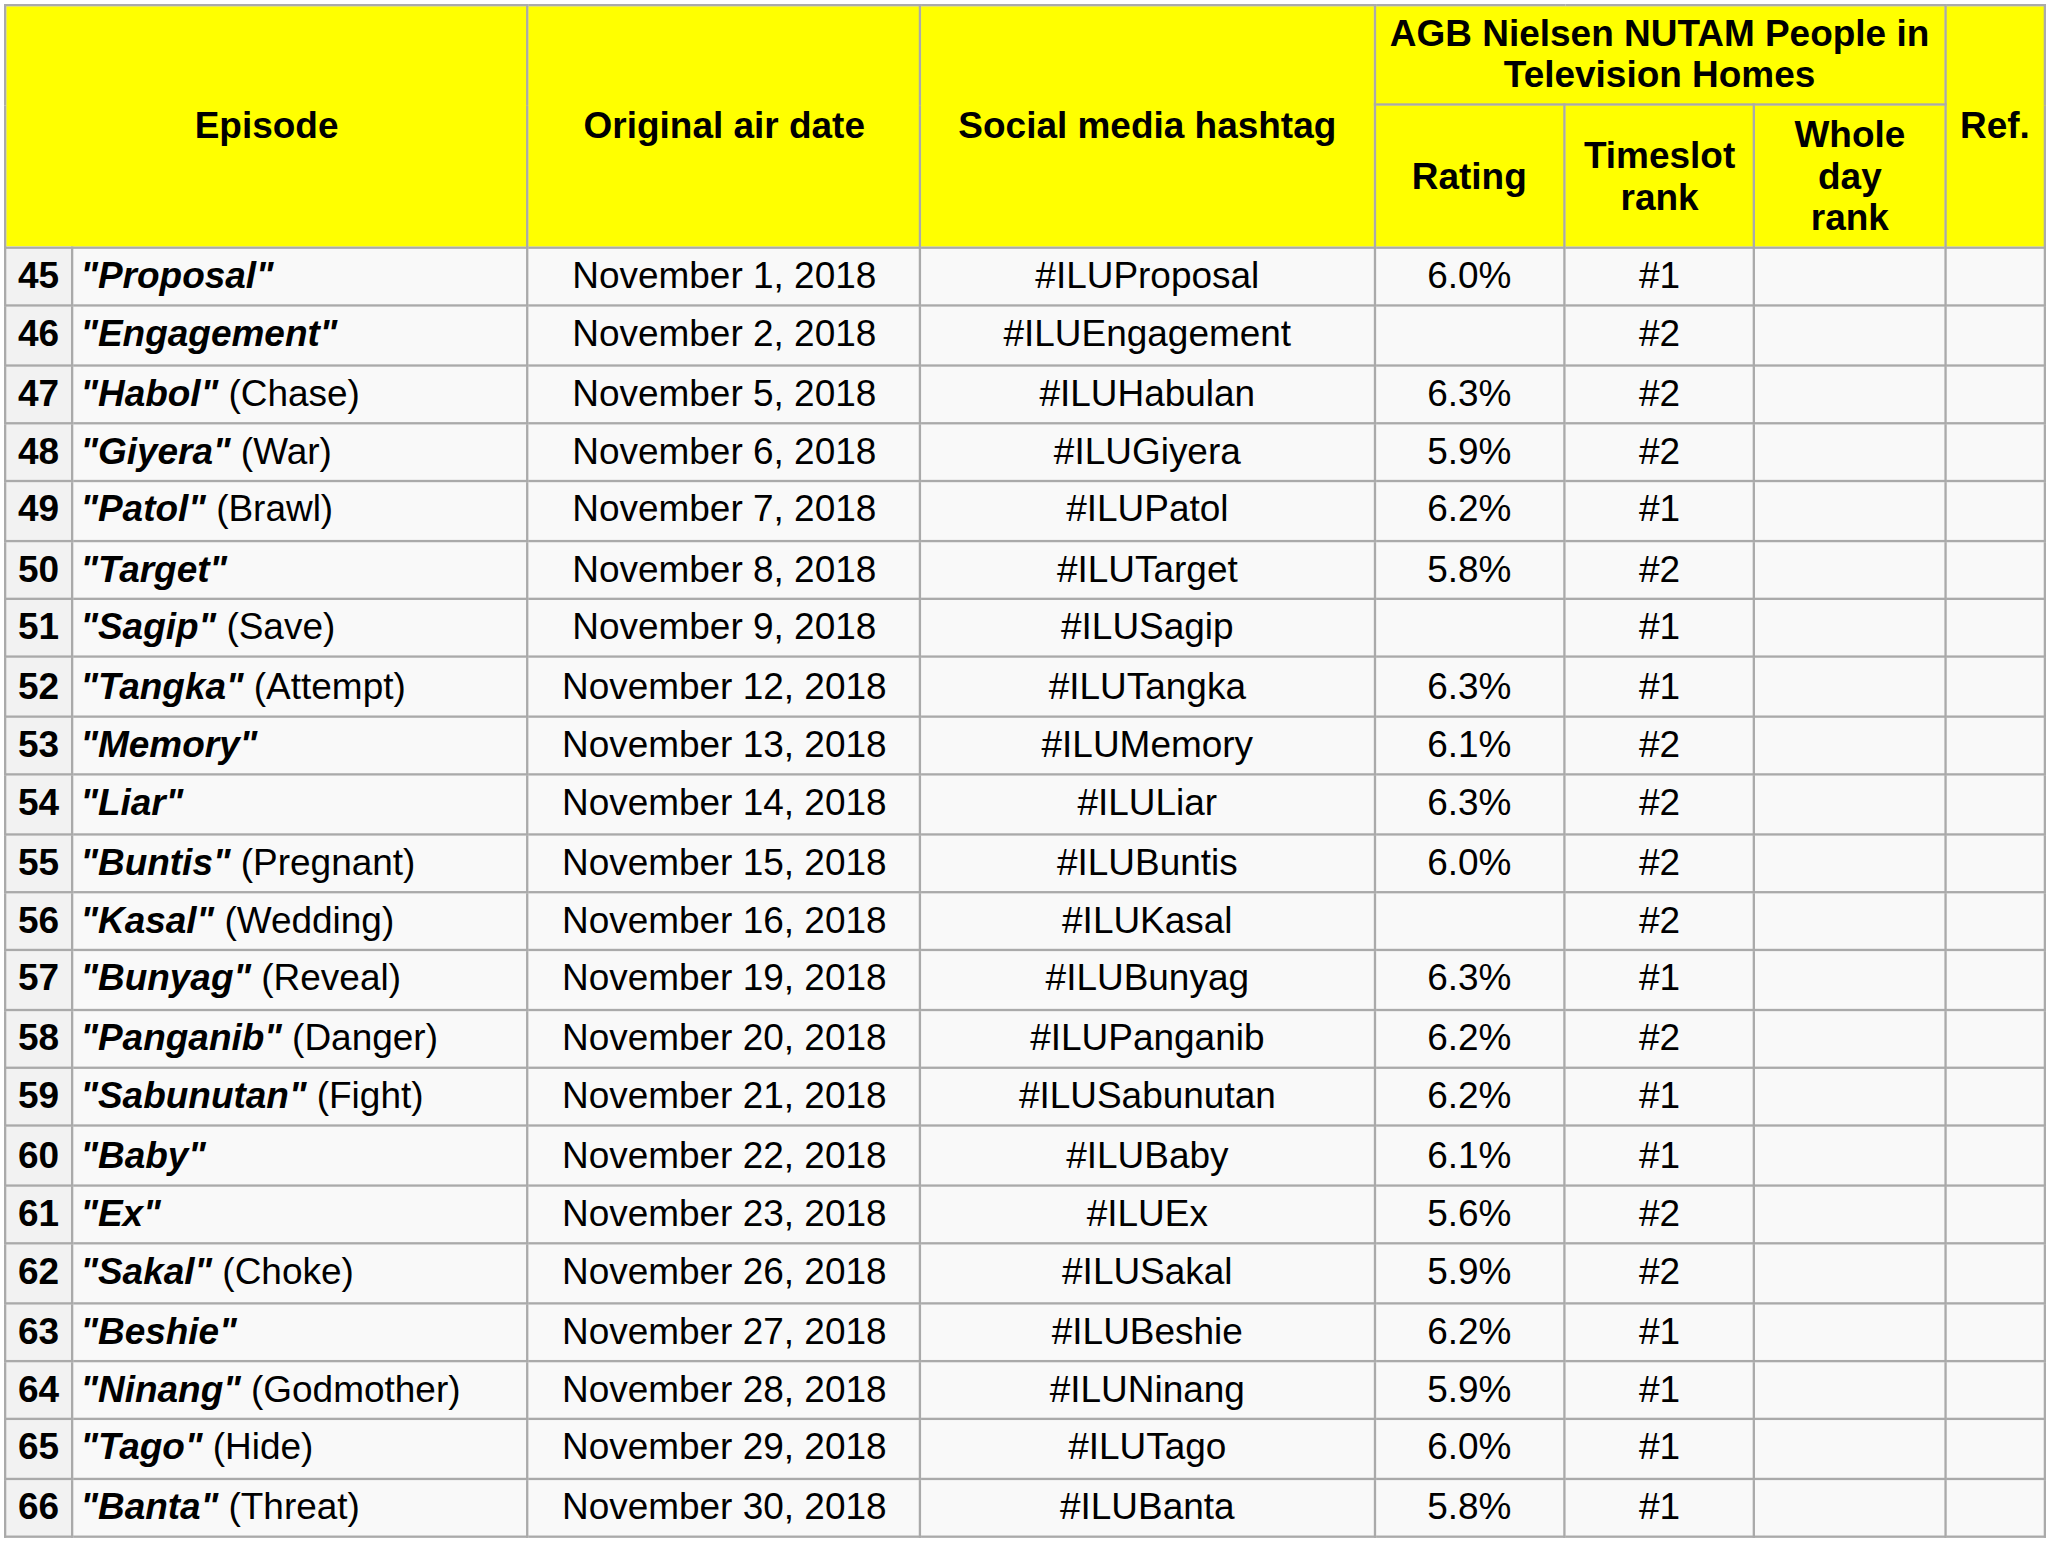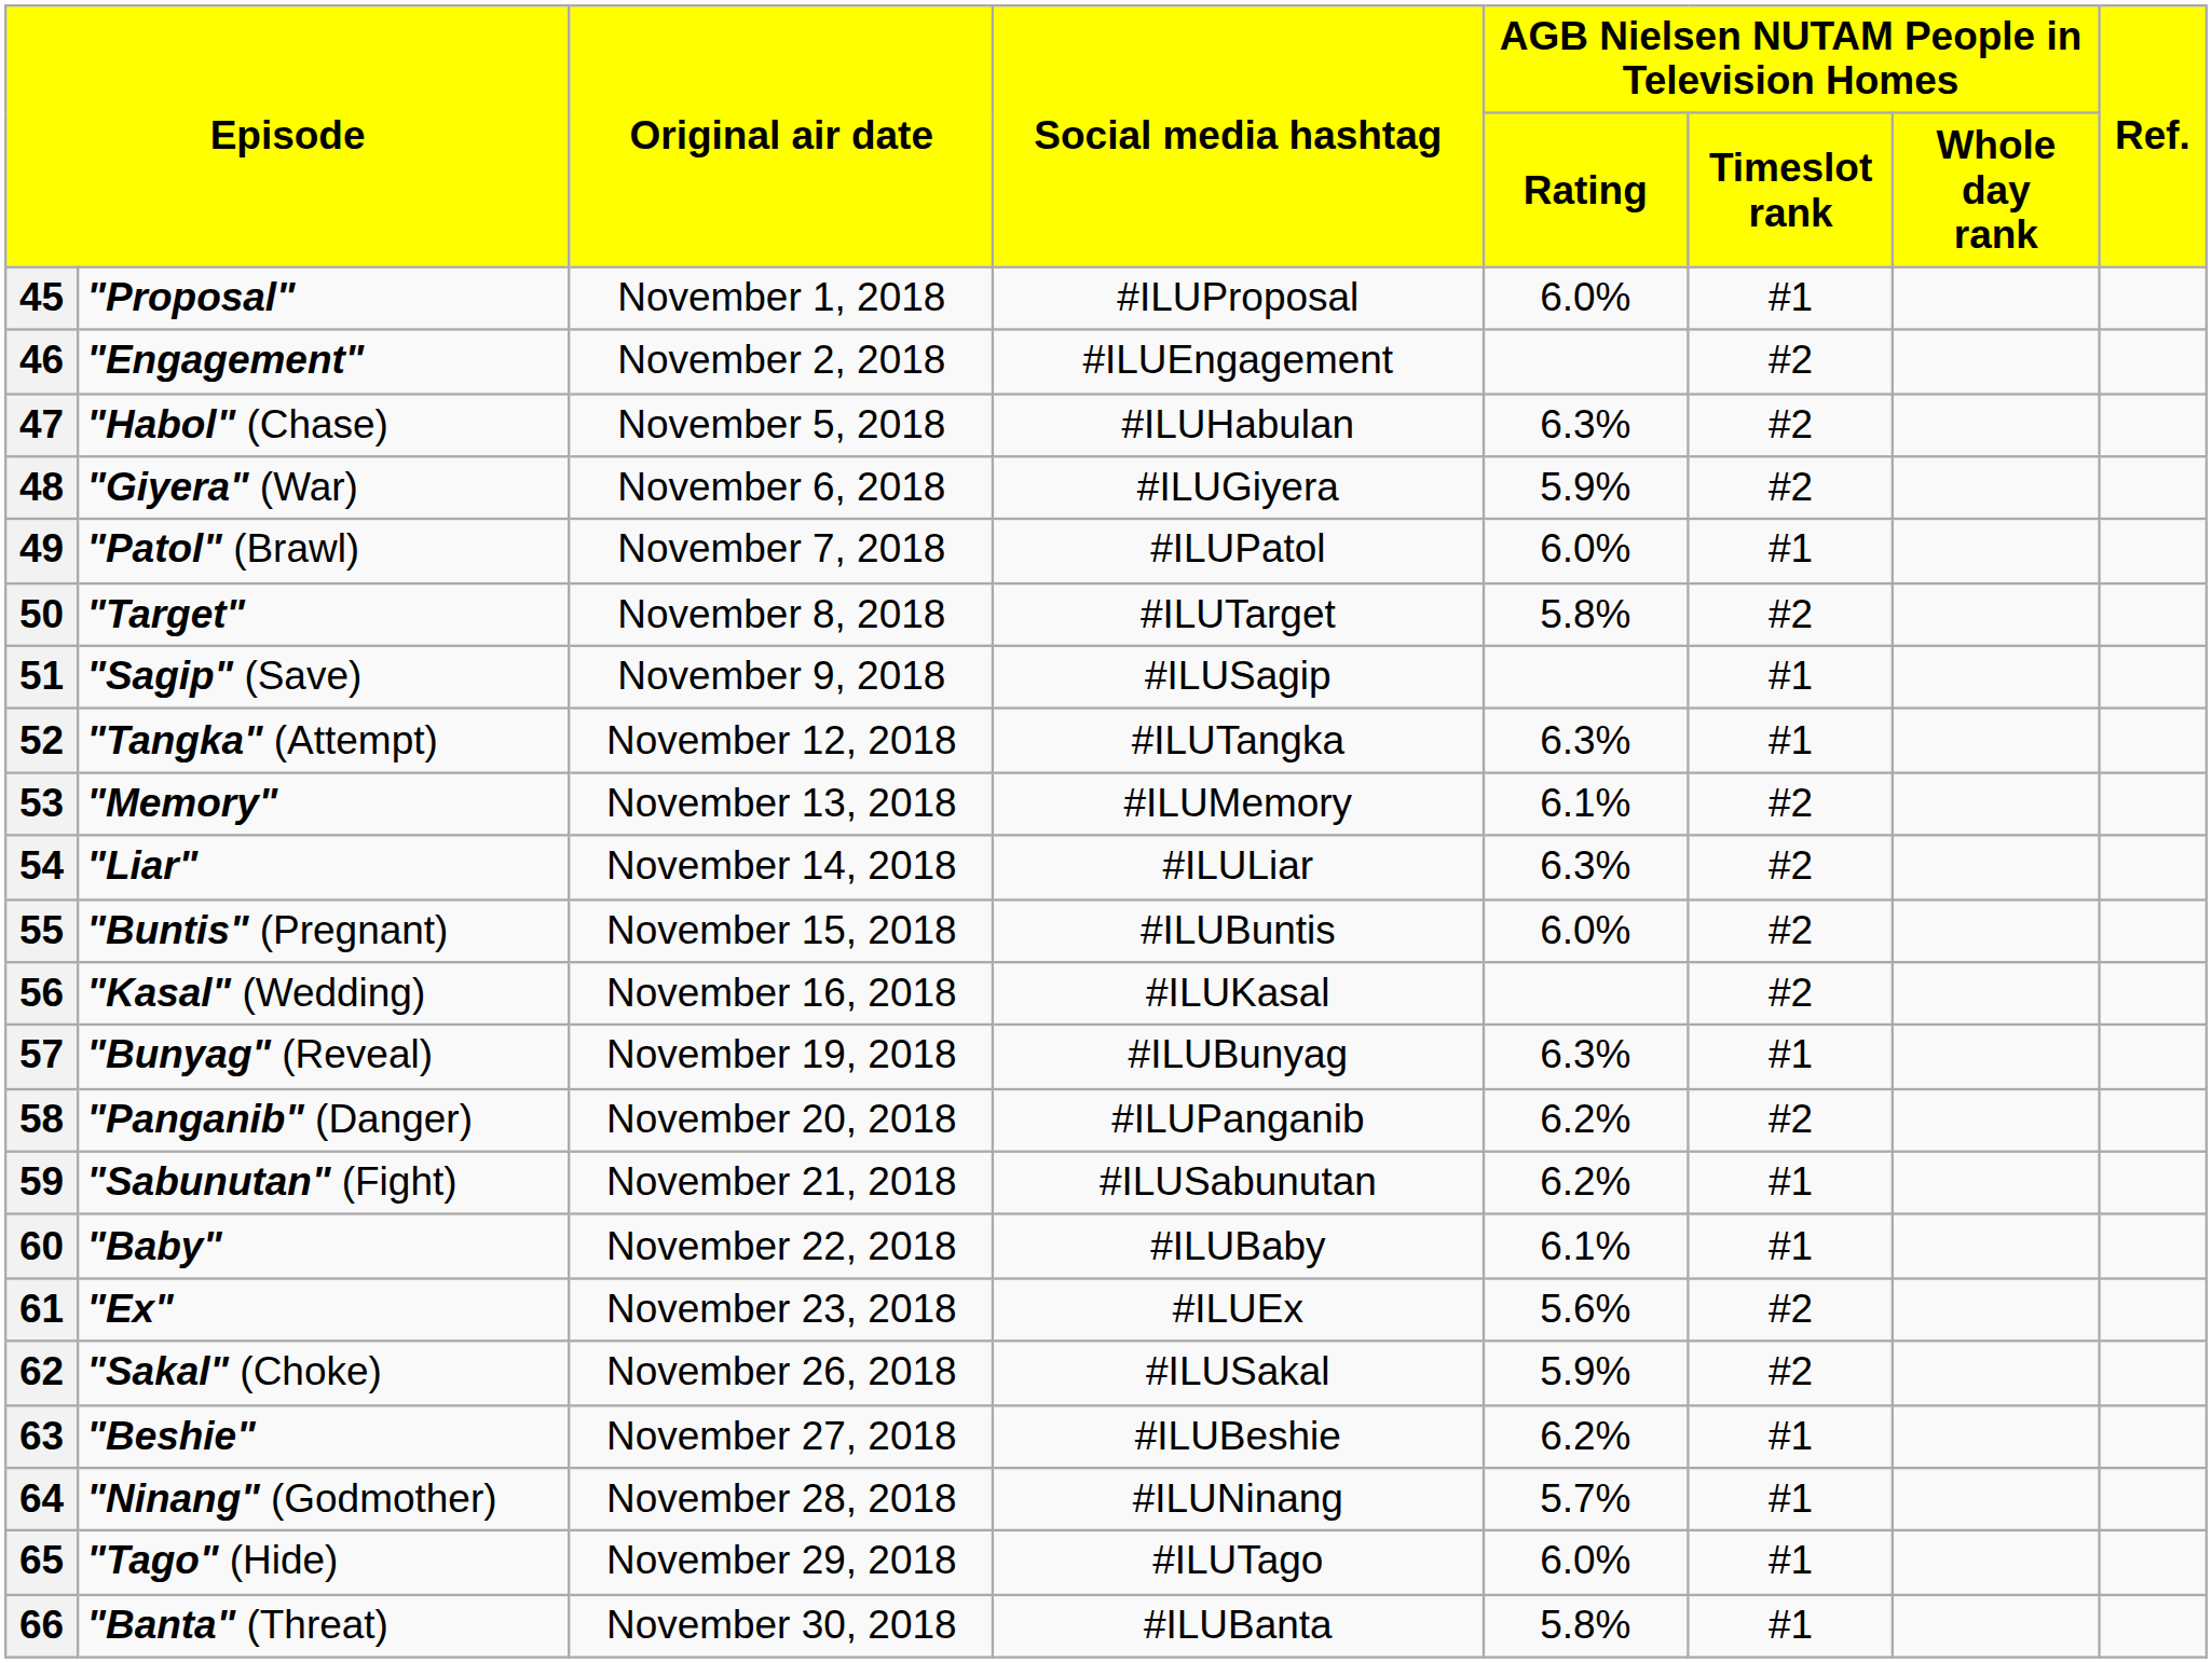 <table class="wikitable" style="text-align:center; font-size:100%; line-height:18px;" width="100%">
 <tr>
 <th style="background-color:#FFFF00; color:black;" colspan="2" rowspan="2">Episode</th>
 <th style="background-color:#FFFF00; color:black" rowspan="2">Original air date</th>
 <th style="background-color:#FFFF00; color:black" rowspan="2">Social media hashtag</th>
 <th style="background-color:#FFFF00; color:black;" colspan="3">AGB Nielsen NUTAM People in Television Homes</th>
 <th style="background-color:#FFFF00;  color:black;" rowspan="2">Ref.</th>
 </tr>
 <tr>
 <th style="background-color:#FFFF00; width:75px; color:black;">Rating</th>
 <th style="background-color:#FFFF00;  width:75px; color:black;">Timeslot<br>rank</th>
 <th style="background-color:#FFFF00; width:75px; color:black;">Whole day<br>rank</th>
 </tr>
 <tr>
 <th>45</th>
 <td style="text-align: left;"><strong><em>"Proposal"</em></strong></td>
 <td>November 1, 2018</td>
 <td>#ILUProposal</td>
 <td>6.0%</td>
 <td>#1</td>
 <td></td>
 <td></td>
 </tr>
 <tr>
 <th>46</th>
 <td style="text-align: left;"><strong><em>"Engagement"</em></strong></td>
 <td>November 2, 2018</td>
 <td>#ILUEngagement</td>
 <td></td>
 <td>#2</td>
 <td></td>
 <td></td>
 </tr>
 <tr>
 <th>47</th>
 <td style="text-align: left;"><strong><em>"Habol"</em></strong> (Chase)</td>
 <td>November 5, 2018</td>
 <td>#ILUHabulan</td>
 <td>6.3%</td>
 <td>#2</td>
 <td></td>
 <td></td>
 </tr>
 <tr>
 <th>48</th>
 <td style="text-align: left;"><strong><em>"Giyera"</em></strong> (War)</td>
 <td>November 6, 2018</td>
 <td>#ILUGiyera</td>
 <td>5.9%</td>
 <td>#2</td>
 <td></td>
 <td></td>
 </tr>
 <tr>
 <th>49</th>
 <td style="text-align: left;"><strong><em>"Patol"</em></strong> (Brawl)</td>
 <td>November 7, 2018</td>
 <td>#ILUPatol</td>
-<td>6.2%</td>
+<td>6.0%</td>
 <td>#1</td>
 <td></td>
 <td></td>
 </tr>
 <tr>
 <th>50</th>
 <td style="text-align: left;"><strong><em>"Target"</em></strong></td>
 <td>November 8, 2018</td>
 <td>#ILUTarget</td>
 <td>5.8%</td>
 <td>#2</td>
 <td></td>
 <td></td>
 </tr>
 <tr>
 <th>51</th>
 <td style="text-align: left;"><strong><em>"Sagip"</em></strong> (Save)</td>
 <td>November 9, 2018</td>
 <td>#ILUSagip</td>
 <td></td>
 <td>#1</td>
 <td></td>
 <td></td>
 </tr>
 <tr>
 <th>52</th>
 <td style="text-align: left;"><strong><em>"Tangka"</em></strong> (Attempt)</td>
 <td>November 12, 2018</td>
 <td>#ILUTangka</td>
 <td>6.3%</td>
 <td>#1</td>
 <td></td>
 <td></td>
 </tr>
 <tr>
 <th>53</th>
 <td style="text-align: left;"><strong><em>"Memory"</em></strong></td>
 <td>November 13, 2018</td>
 <td>#ILUMemory</td>
 <td>6.1%</td>
 <td>#2</td>
 <td></td>
 <td></td>
 </tr>
 <tr>
 <th>54</th>
 <td style="text-align: left;"><strong><em>"Liar"</em></strong></td>
 <td>November 14, 2018</td>
 <td>#ILULiar</td>
 <td>6.3%</td>
 <td>#2</td>
 <td></td>
 <td></td>
 </tr>
 <tr>
 <th>55</th>
 <td style="text-align: left;"><strong><em>"Buntis"</em></strong> (Pregnant)</td>
 <td>November 15, 2018</td>
 <td>#ILUBuntis</td>
 <td>6.0%</td>
 <td>#2</td>
 <td></td>
 <td></td>
 </tr>
 <tr>
 <th>56</th>
 <td style="text-align: left;"><strong><em>"Kasal"</em></strong> (Wedding)</td>
 <td>November 16, 2018</td>
 <td>#ILUKasal</td>
 <td></td>
 <td>#2</td>
 <td></td>
 <td></td>
 </tr>
 <tr>
 <th>57</th>
 <td style="text-align: left;"><strong><em>"Bunyag"</em></strong> (Reveal)</td>
 <td>November 19, 2018</td>
 <td>#ILUBunyag</td>
 <td>6.3%</td>
 <td>#1</td>
 <td></td>
 <td></td>
 </tr>
 <tr>
 <th>58</th>
 <td style="text-align: left;"><strong><em>"Panganib"</em></strong> (Danger)</td>
 <td>November 20, 2018</td>
 <td>#ILUPanganib</td>
 <td>6.2%</td>
 <td>#2</td>
 <td></td>
 <td></td>
 </tr>
 <tr>
 <th>59</th>
 <td style="text-align: left;"><strong><em>"Sabunutan"</em></strong> (Fight)</td>
 <td>November 21, 2018</td>
 <td>#ILUSabunutan</td>
 <td>6.2%</td>
 <td>#1</td>
 <td></td>
 <td></td>
 </tr>
 <tr>
 <th>60</th>
 <td style="text-align: left;"><strong><em>"Baby"</em></strong></td>
 <td>November 22, 2018</td>
 <td>#ILUBaby</td>
 <td>6.1%</td>
 <td>#1</td>
 <td></td>
 <td></td>
 </tr>
 <tr>
 <th>61</th>
 <td style="text-align: left;"><strong><em>"Ex"</em></strong></td>
 <td>November 23, 2018</td>
 <td>#ILUEx</td>
 <td>5.6%</td>
 <td>#2</td>
 <td></td>
 <td></td>
 </tr>
 <tr>
 <th>62</th>
 <td style="text-align: left;"><strong><em>"Sakal"</em></strong> (Choke)</td>
 <td>November 26, 2018</td>
 <td>#ILUSakal</td>
 <td>5.9%</td>
 <td>#2</td>
 <td></td>
 <td></td>
 </tr>
 <tr>
 <th>63</th>
 <td style="text-align: left;"><strong><em>"Beshie"</em></strong></td>
 <td>November 27, 2018</td>
 <td>#ILUBeshie</td>
 <td>6.2%</td>
 <td>#1</td>
 <td></td>
 <td></td>
 </tr>
 <tr>
 <th>64</th>
 <td style="text-align: left;"><strong><em>"Ninang"</em></strong> (Godmother)</td>
 <td>November 28, 2018</td>
 <td>#ILUNinang</td>
-<td>5.9%</td>
+<td>5.7%</td>
 <td>#1</td>
 <td></td>
 <td></td>
 </tr>
 <tr>
 <th>65</th>
 <td style="text-align: left;"><strong><em>"Tago"</em></strong> (Hide)</td>
 <td>November 29, 2018</td>
 <td>#ILUTago</td>
 <td>6.0%</td>
 <td>#1</td>
 <td></td>
 <td></td>
 </tr>
 <tr>
 <th>66</th>
 <td style="text-align: left;"><strong><em>"Banta"</em></strong> (Threat)</td>
 <td>November 30, 2018</td>
 <td>#ILUBanta</td>
 <td>5.8%</td>
 <td>#1</td>
 <td></td>
 <td></td>
 </tr>
 </table>
